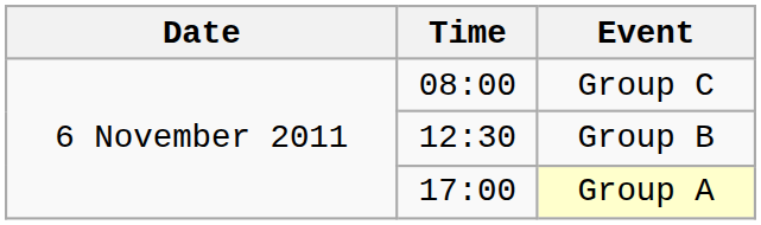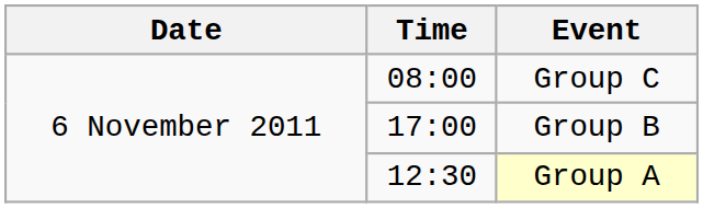 <table class = "wikitable" style="text-align:center;">
 <tr>
 <th width=150>Date</th>
 <th width=50>Time</th>
 <th width=80>Event</th>
 </tr>
 <tr>
 <td rowspan=3>6 November 2011</td>
 <td>08:00</td>
 <td>Group C</td>
 </tr>
 <tr>
-<td>12:30</td>
+<td>17:00</td>
 <td>Group B</td>
 </tr>
 <tr>
-<td>17:00</td>
+<td>12:30</td>
 <td bgcolor=ffffcc>Group A</td>
 </tr>
 </table>
